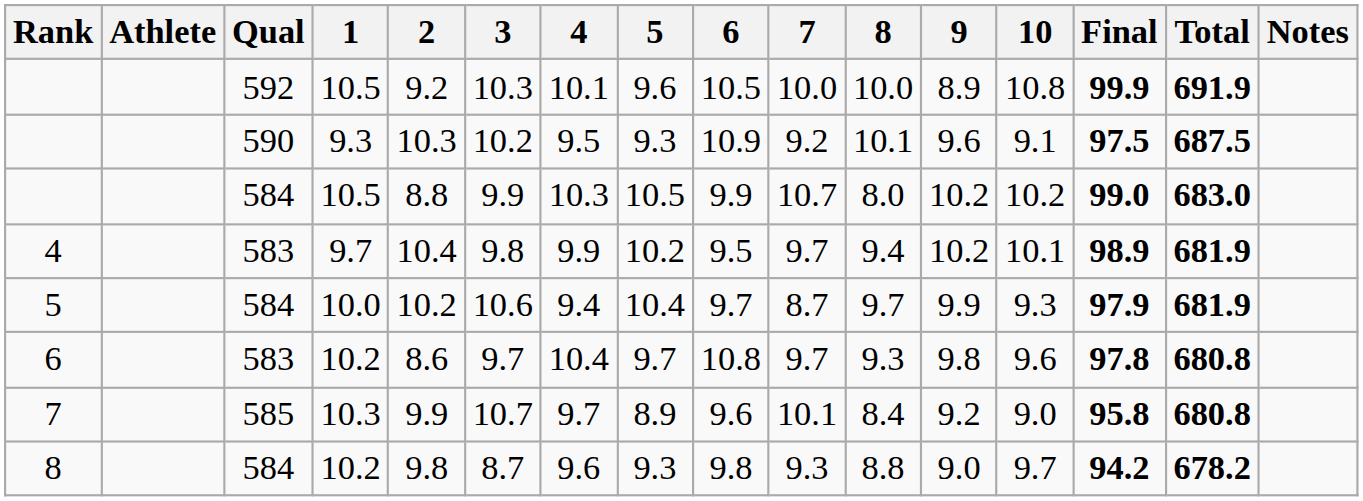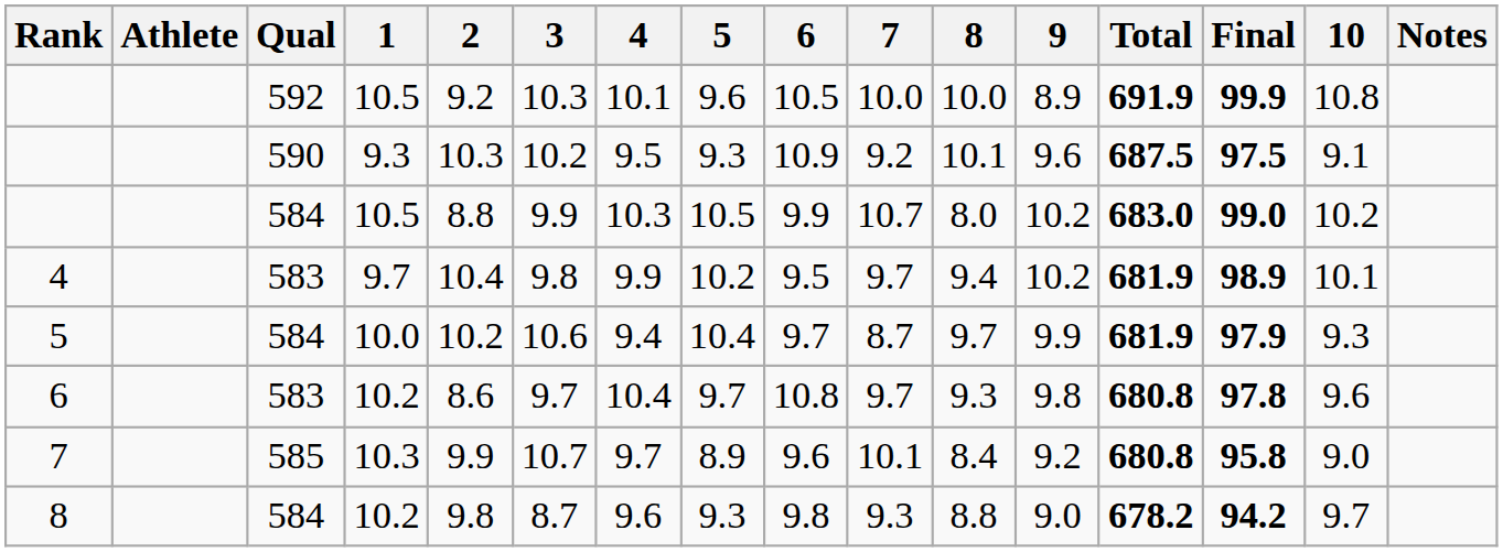 <table class="wikitable sortable">
 <tr>
 <th>Rank</th>
 <th>Athlete</th>
 <th>Qual</th>
 <th class="unsortable" style="width: 28px">1</th>
 <th class="unsortable" style="width: 28px">2</th>
 <th class="unsortable" style="width: 28px">3</th>
 <th class="unsortable" style="width: 28px">4</th>
 <th class="unsortable" style="width: 28px">5</th>
 <th class="unsortable" style="width: 28px">6</th>
 <th class="unsortable" style="width: 28px">7</th>
 <th class="unsortable" style="width: 28px">8</th>
 <th class="unsortable" style="width: 28px">9</th>
+<th>Total</th>
+<th>Final</th>
 <th class="unsortable" style="width: 28px">10</th>
-<th>Final</th>
-<th>Total</th>
 <th class="unsortable">Notes</th>
 </tr>
 <tr>
 <td align="center"></td>
 <td></td>
 <td align="center">592</td>
 <td align="center">10.5</td>
 <td align="center">9.2</td>
 <td align="center">10.3</td>
 <td align="center">10.1</td>
 <td align="center">9.6</td>
 <td align="center">10.5</td>
 <td align="center">10.0</td>
 <td align="center">10.0</td>
 <td align="center">8.9</td>
+<td align="center"><strong>691.9</strong></td>
+<td align="center"><strong>99.9</strong></td>
 <td align="center">10.8</td>
-<td align="center"><strong>99.9</strong></td>
-<td align="center"><strong>691.9</strong></td>
 <td align="center"></td>
 </tr>
 <tr>
 <td align="center"></td>
 <td></td>
 <td align="center">590</td>
 <td align="center">9.3</td>
 <td align="center">10.3</td>
 <td align="center">10.2</td>
 <td align="center">9.5</td>
 <td align="center">9.3</td>
 <td align="center">10.9</td>
 <td align="center">9.2</td>
 <td align="center">10.1</td>
 <td align="center">9.6</td>
+<td align="center"><strong>687.5</strong></td>
+<td align="center"><strong>97.5</strong></td>
 <td align="center">9.1</td>
-<td align="center"><strong>97.5</strong></td>
-<td align="center"><strong>687.5</strong></td>
 <td align="center"></td>
 </tr>
 <tr>
 <td align="center"></td>
 <td></td>
 <td align="center">584</td>
 <td align="center">10.5</td>
 <td align="center">8.8</td>
 <td align="center">9.9</td>
 <td align="center">10.3</td>
 <td align="center">10.5</td>
 <td align="center">9.9</td>
 <td align="center">10.7</td>
 <td align="center">8.0</td>
 <td align="center">10.2</td>
+<td align="center"><strong>683.0</strong></td>
+<td align="center"><strong>99.0</strong></td>
 <td align="center">10.2</td>
-<td align="center"><strong>99.0</strong></td>
-<td align="center"><strong>683.0</strong></td>
 <td align="center"></td>
 </tr>
 <tr>
 <td align="center">4</td>
 <td></td>
 <td align="center">583</td>
 <td align="center">9.7</td>
 <td align="center">10.4</td>
 <td align="center">9.8</td>
 <td align="center">9.9</td>
 <td align="center">10.2</td>
 <td align="center">9.5</td>
 <td align="center">9.7</td>
 <td align="center">9.4</td>
 <td align="center">10.2</td>
+<td align="center"><strong>681.9</strong></td>
+<td align="center"><strong>98.9</strong></td>
 <td align="center">10.1</td>
-<td align="center"><strong>98.9</strong></td>
-<td align="center"><strong>681.9</strong></td>
 <td align="center"></td>
 </tr>
 <tr>
 <td align="center">5</td>
 <td></td>
 <td align="center">584</td>
 <td align="center">10.0</td>
 <td align="center">10.2</td>
 <td align="center">10.6</td>
 <td align="center">9.4</td>
 <td align="center">10.4</td>
 <td align="center">9.7</td>
 <td align="center">8.7</td>
 <td align="center">9.7</td>
 <td align="center">9.9</td>
+<td align="center"><strong>681.9</strong></td>
+<td align="center"><strong>97.9</strong></td>
 <td align="center">9.3</td>
-<td align="center"><strong>97.9</strong></td>
-<td align="center"><strong>681.9</strong></td>
 <td align="center"></td>
 </tr>
 <tr>
 <td align="center">6</td>
 <td></td>
 <td align="center">583</td>
 <td align="center">10.2</td>
 <td align="center">8.6</td>
 <td align="center">9.7</td>
 <td align="center">10.4</td>
 <td align="center">9.7</td>
 <td align="center">10.8</td>
 <td align="center">9.7</td>
 <td align="center">9.3</td>
 <td align="center">9.8</td>
+<td align="center"><strong>680.8</strong></td>
+<td align="center"><strong>97.8</strong></td>
 <td align="center">9.6</td>
-<td align="center"><strong>97.8</strong></td>
-<td align="center"><strong>680.8</strong></td>
 <td align="center"></td>
 </tr>
 <tr>
 <td align="center">7</td>
 <td></td>
 <td align="center">585</td>
 <td align="center">10.3</td>
 <td align="center">9.9</td>
 <td align="center">10.7</td>
 <td align="center">9.7</td>
 <td align="center">8.9</td>
 <td align="center">9.6</td>
 <td align="center">10.1</td>
 <td align="center">8.4</td>
 <td align="center">9.2</td>
+<td align="center"><strong>680.8</strong></td>
+<td align="center"><strong>95.8</strong></td>
 <td align="center">9.0</td>
-<td align="center"><strong>95.8</strong></td>
-<td align="center"><strong>680.8</strong></td>
 <td align="center"></td>
 </tr>
 <tr>
 <td align="center">8</td>
 <td></td>
 <td align="center">584</td>
 <td align="center">10.2</td>
 <td align="center">9.8</td>
 <td align="center">8.7</td>
 <td align="center">9.6</td>
 <td align="center">9.3</td>
 <td align="center">9.8</td>
 <td align="center">9.3</td>
 <td align="center">8.8</td>
 <td align="center">9.0</td>
+<td align="center"><strong>678.2</strong></td>
+<td align="center"><strong>94.2</strong></td>
 <td align="center">9.7</td>
-<td align="center"><strong>94.2</strong></td>
-<td align="center"><strong>678.2</strong></td>
 <td align="center"></td>
 </tr>
 </table>
